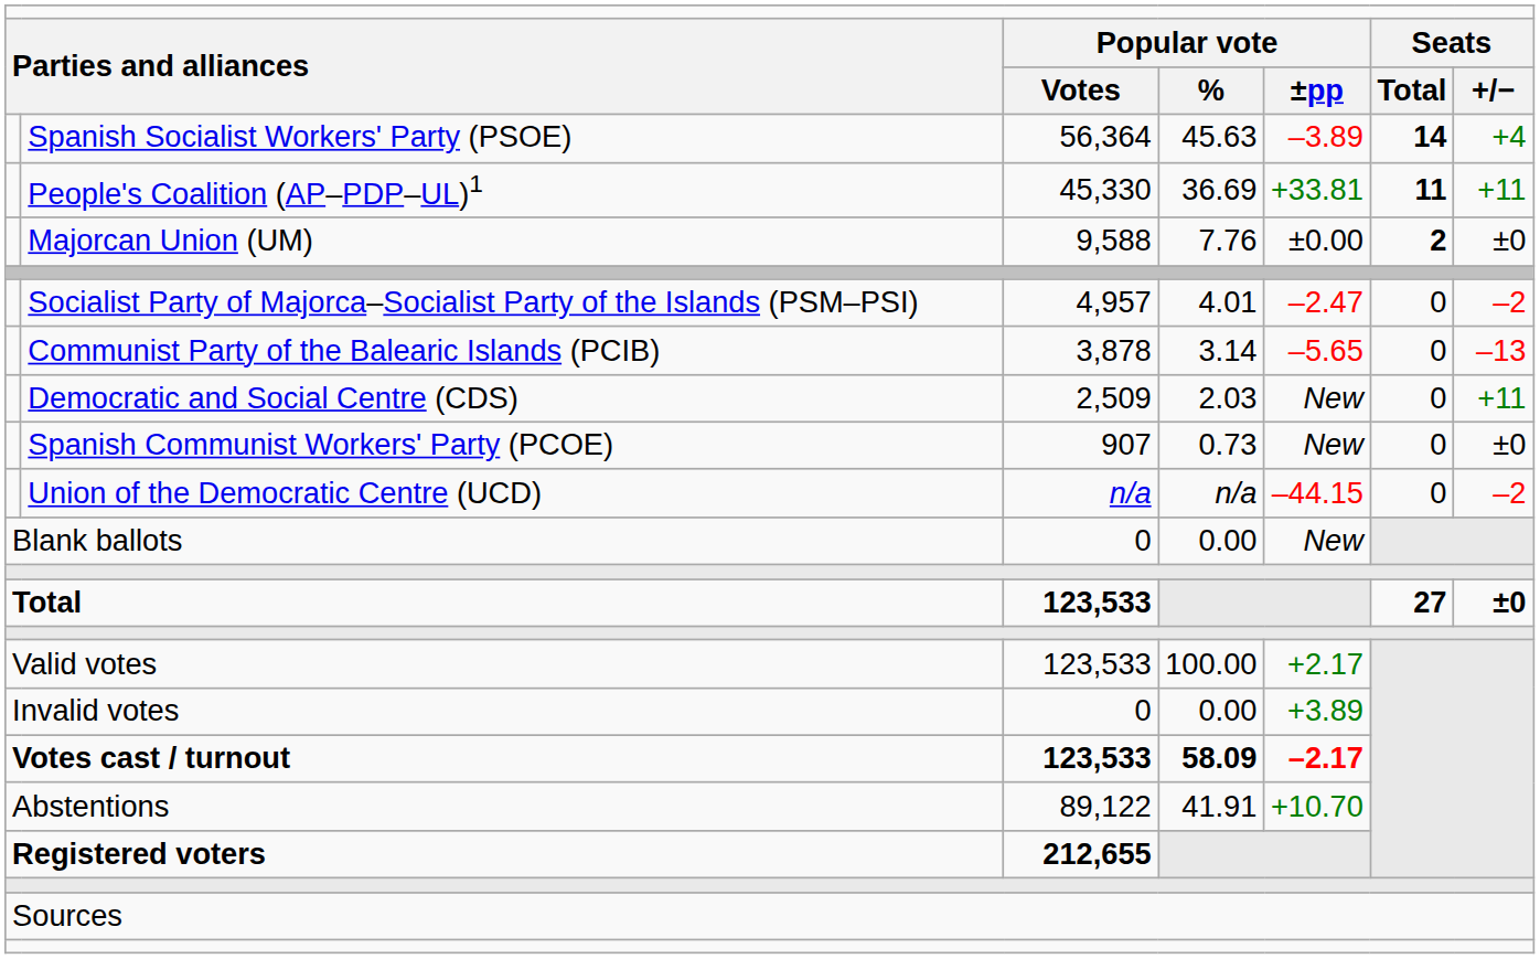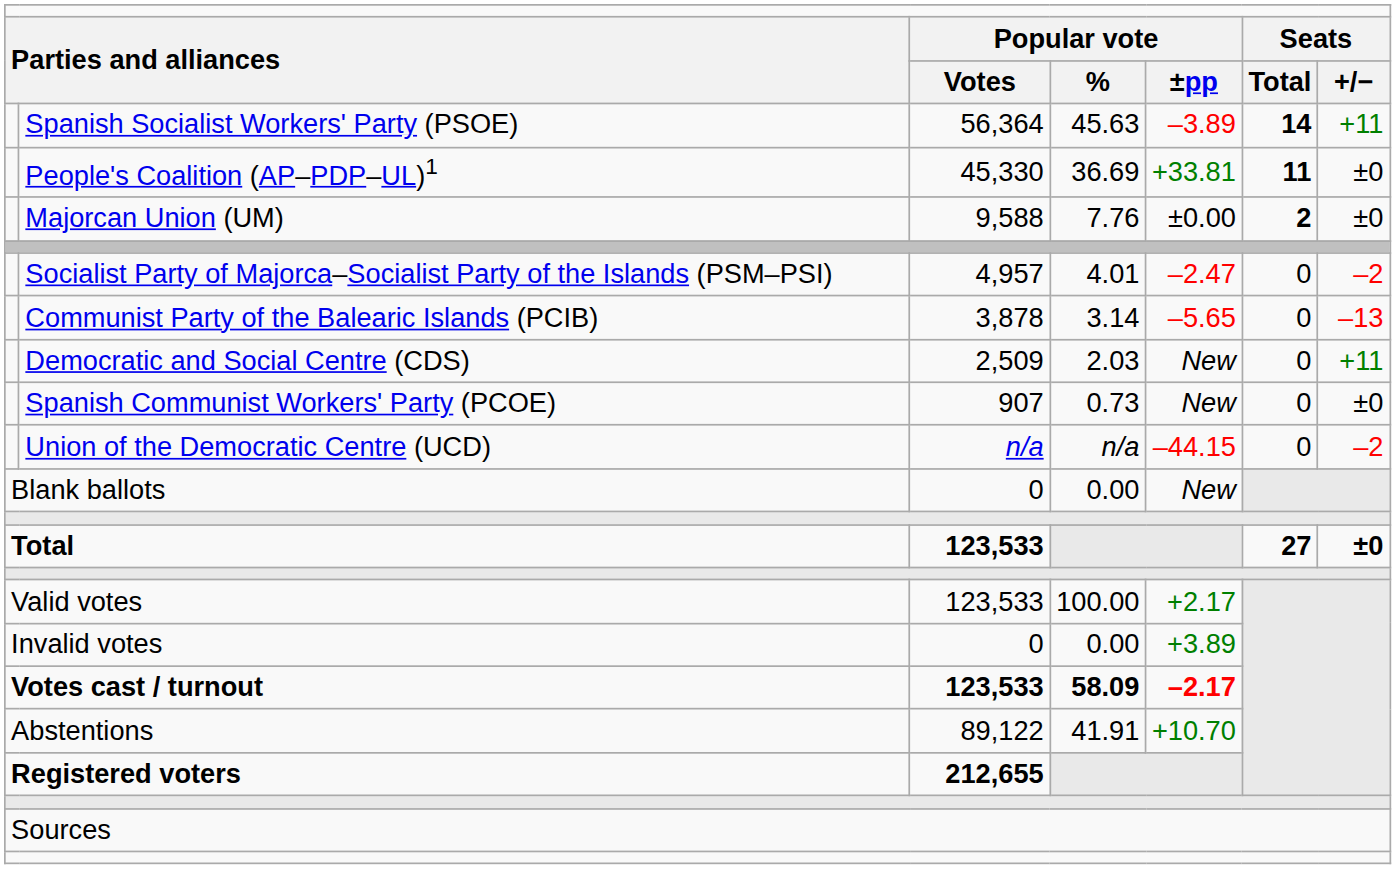 <table class="wikitable" style="text-align:right;">
 <tr>
 <td colspan="7"></td>
 </tr>
 <tr>
 <th style="text-align:left;" rowspan="2" colspan="2" width="525">Parties and alliances</th>
 <th colspan="3">Popular vote</th>
 <th colspan="2">Seats</th>
 </tr>
 <tr>
 <th width="75">Votes</th>
 <th width="45">%</th>
 <th width="45">±<a href='#'>pp</a></th>
 <th width="35">Total</th>
 <th width="35">+/−</th>
 </tr>
 <tr>
 <td width="1" style="color:inherit;background:"></td>
 <td align="left"><a href='#'>Spanish Socialist Workers' Party</a> (PSOE)</td>
 <td>56,364</td>
 <td>45.63</td>
 <td style="color:red;">–3.89</td>
 <td><strong>14</strong></td>
-<td style="color:green;">+4</td>
+<td style="color:green;">+11</td>
 </tr>
 <tr>
 <td style="color:inherit;background:"></td>
 <td align="left"><a href='#'>People's Coalition</a> (<a href='#'>AP</a>–<a href='#'>PDP</a>–<a href='#'>UL</a>)<sup>1</sup></td>
 <td>45,330</td>
 <td>36.69</td>
 <td style="color:green;">+33.81</td>
 <td><strong>11</strong></td>
-<td style="color:green;">+11</td>
+<td>±0</td>
 </tr>
 <tr>
 <td style="color:inherit;background:"></td>
 <td align="left"><a href='#'>Majorcan Union</a> (UM)</td>
 <td>9,588</td>
 <td>7.76</td>
 <td>±0.00</td>
 <td><strong>2</strong></td>
 <td>±0</td>
 </tr>
 <tr>
 <td colspan="7" bgcolor="#C0C0C0"></td>
 </tr>
 <tr>
 <td style="color:inherit;background:"></td>
 <td align="left"><a href='#'>Socialist Party of Majorca</a>–<a href='#'>Socialist Party of the Islands</a> (PSM–PSI)</td>
 <td>4,957</td>
 <td>4.01</td>
 <td style="color:red;">–2.47</td>
 <td>0</td>
 <td style="color:red;">–2</td>
 </tr>
 <tr>
 <td style="color:inherit;background:"></td>
 <td align="left"><a href='#'>Communist Party of the Balearic Islands</a> (PCIB)</td>
 <td>3,878</td>
 <td>3.14</td>
 <td style="color:red;">–5.65</td>
 <td>0</td>
 <td style="color:red;">–13</td>
 </tr>
 <tr>
 <td style="color:inherit;background:"></td>
 <td align="left"><a href='#'>Democratic and Social Centre</a> (CDS)</td>
 <td>2,509</td>
 <td>2.03</td>
 <td><em>New</em></td>
 <td>0</td>
 <td style="color:green;">+11</td>
 </tr>
 <tr>
 <td style="color:inherit;background:"></td>
 <td align="left"><a href='#'>Spanish Communist Workers' Party</a> (PCOE)</td>
 <td>907</td>
 <td>0.73</td>
 <td><em>New</em></td>
 <td>0</td>
 <td>±0</td>
 </tr>
 <tr>
 <td style="color:inherit;background:"></td>
 <td align="left"><a href='#'>Union of the Democratic Centre</a> (UCD)</td>
 <td><em><a href='#'>n/a</a></em></td>
 <td><em>n/a</em></td>
 <td style="color:red;">–44.15</td>
 <td>0</td>
 <td style="color:red;">–2</td>
 </tr>
 <tr>
 <td align="left" colspan="2">Blank ballots</td>
 <td>0</td>
 <td>0.00</td>
 <td><em>New</em></td>
 <td bgcolor="#E9E9E9" colspan="2"></td>
 </tr>
 <tr>
 <td colspan="7" bgcolor="#E9E9E9"></td>
 </tr>
 <tr style="font-weight:bold;">
 <td align="left" colspan="2">Total</td>
 <td>123,533</td>
 <td bgcolor="#E9E9E9" colspan="2"></td>
 <td>27</td>
 <td>±0</td>
 </tr>
 <tr>
 <td colspan="7" bgcolor="#E9E9E9"></td>
 </tr>
 <tr>
 <td align="left" colspan="2">Valid votes</td>
 <td>123,533</td>
 <td>100.00</td>
 <td style="color:green;">+2.17</td>
 <td bgcolor="#E9E9E9" colspan="2" rowspan="5"></td>
 </tr>
 <tr>
 <td align="left" colspan="2">Invalid votes</td>
 <td>0</td>
 <td>0.00</td>
 <td style="color:green;">+3.89</td>
 </tr>
 <tr style="font-weight:bold;">
 <td align="left" colspan="2">Votes cast / turnout</td>
 <td>123,533</td>
 <td>58.09</td>
 <td style="color:red;">–2.17</td>
 </tr>
 <tr>
 <td align="left" colspan="2">Abstentions</td>
 <td>89,122</td>
 <td>41.91</td>
 <td style="color:green;">+10.70</td>
 </tr>
 <tr style="font-weight:bold;">
 <td align="left" colspan="2">Registered voters</td>
 <td>212,655</td>
 <td bgcolor="#E9E9E9" colspan="2"></td>
 </tr>
 <tr>
 <td colspan="7" bgcolor="#E9E9E9"></td>
 </tr>
 <tr>
 <td align="left" colspan="7">Sources</td>
 </tr>
 <tr>
 <td colspan="7" style="text-align:left; max-width:790px;"></td>
 </tr>
 </table>
